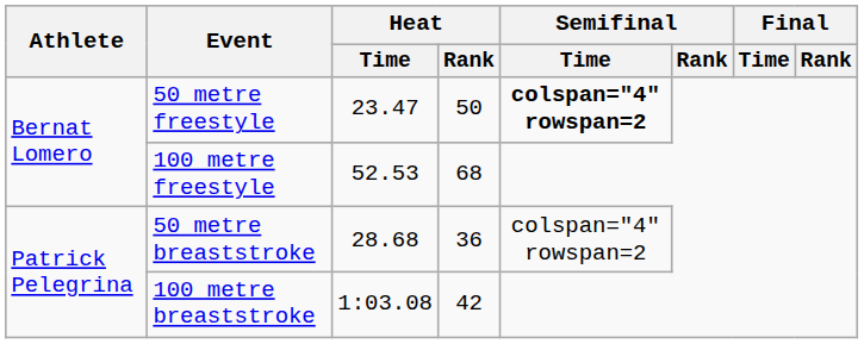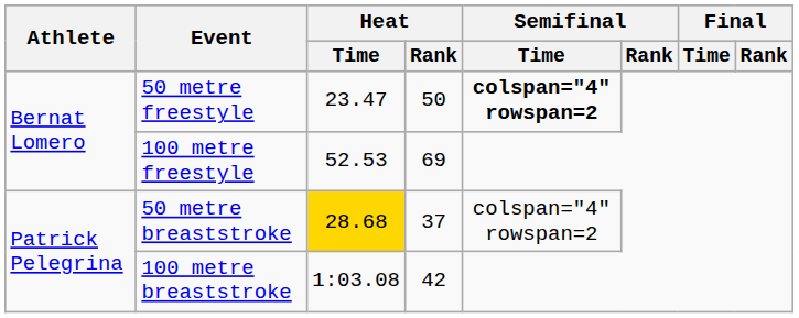 <table class="wikitable" style="text-align:center; font-size:90%; width:50%;">
 <tr>
 <th rowspan="2">Athlete</th>
 <th rowspan="2">Event</th>
 <th colspan="2">Heat</th>
 <th colspan="2">Semifinal</th>
 <th colspan="2">Final</th>
 </tr>
 <tr style="font-size:95%">
 <th>Time</th>
 <th>Rank</th>
 <th>Time</th>
 <th>Rank</th>
 <th>Time</th>
 <th>Rank</th>
 </tr>
 <tr>
 <td align=left rowspan=2><a href='#'>Bernat Lomero</a></td>
 <td align=left><a href='#'>50 metre freestyle</a></td>
 <td>23.47</td>
 <td>50</td>
 <td><strong>colspan="4" rowspan=2</strong></td>
 </tr>
 <tr>
 <td align=left><a href='#'>100 metre freestyle</a></td>
 <td>52.53</td>
-<td>68</td>
+<td>69</td>
 </tr>
 <tr>
 <td align=left rowspan=2><a href='#'>Patrick Pelegrina</a></td>
 <td align=left><a href='#'>50 metre breaststroke</a></td>
-<td>28.68</td>
-<td>36</td>
+<td style="background: gold;">28.68</td>
+<td>37</td>
 <td>colspan="4" rowspan=2</td>
 </tr>
 <tr>
 <td align=left><a href='#'>100 metre breaststroke</a></td>
 <td>1:03.08</td>
 <td>42</td>
 </tr>
 </table>
